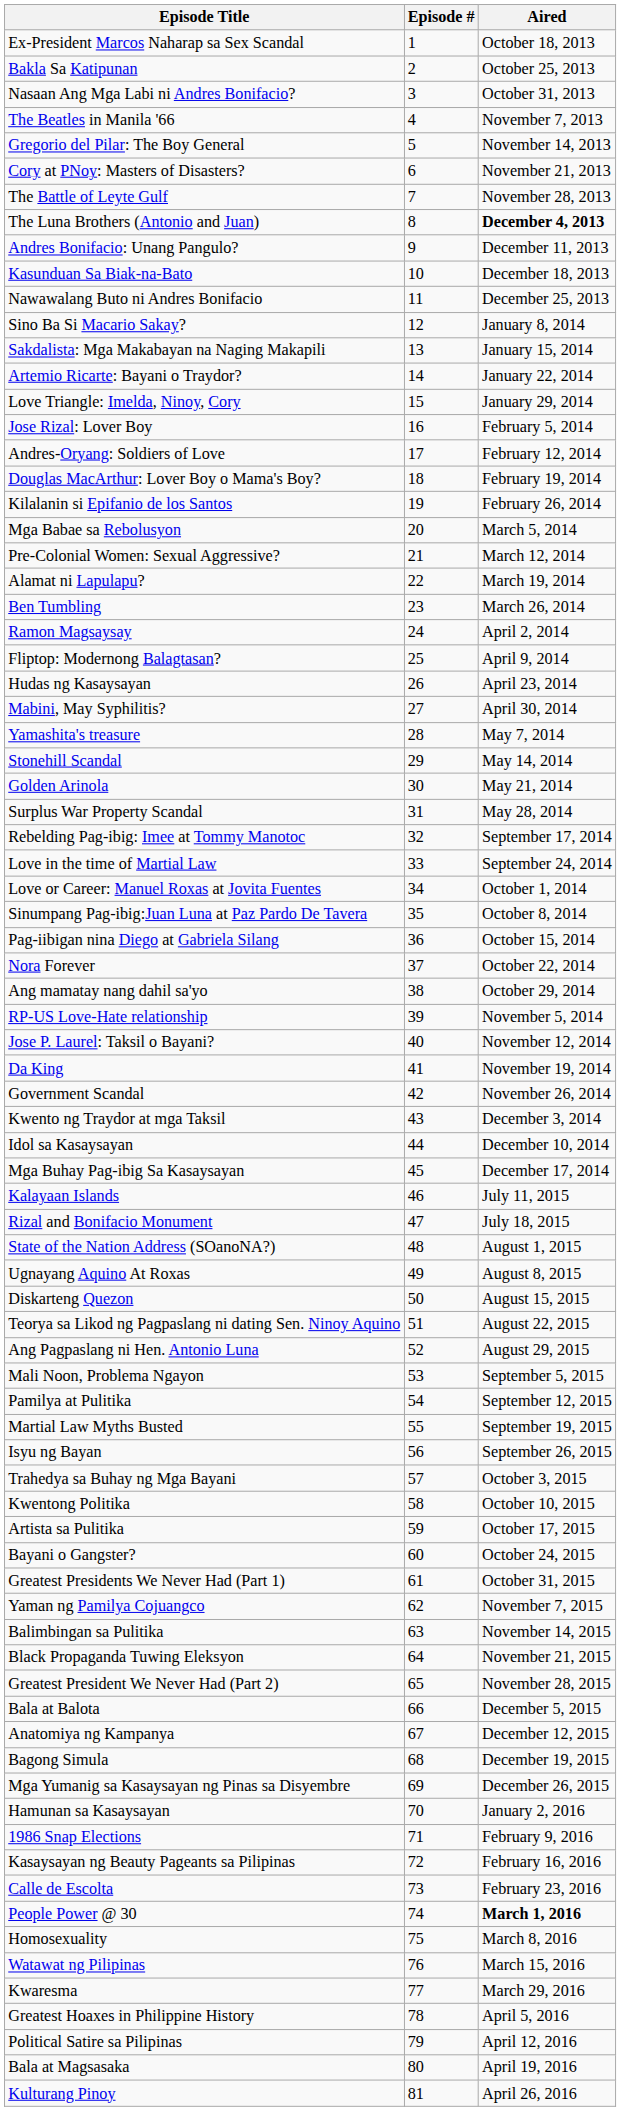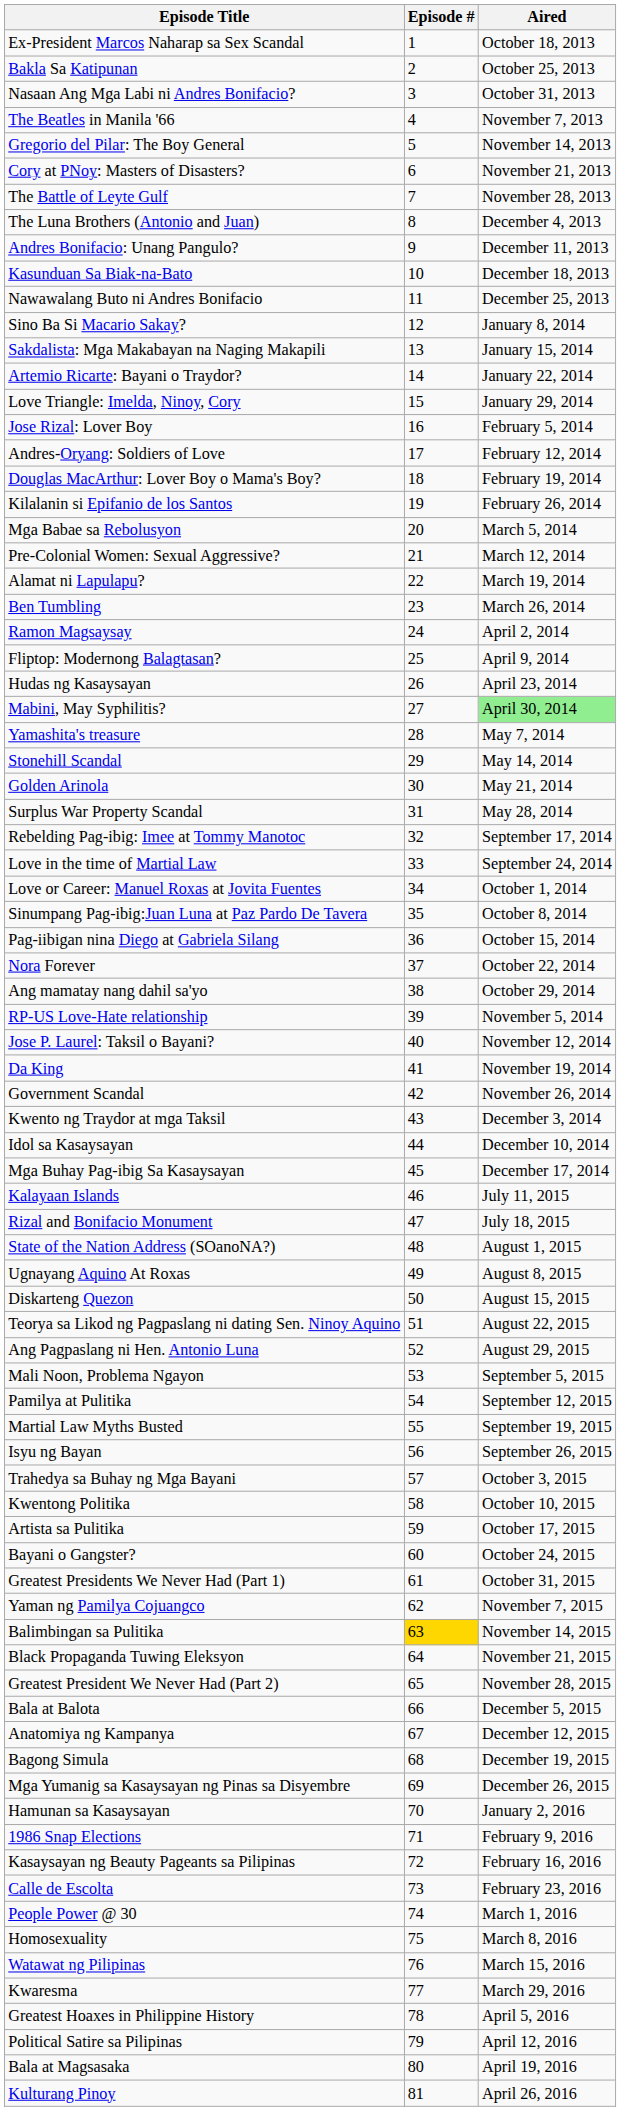 <table class="wikitable">
 <tr>
 <th>Episode Title</th>
 <th>Episode #</th>
 <th>Aired</th>
 </tr>
 <tr>
 <td>Ex-President <a href='#'>Marcos</a> Naharap sa Sex Scandal</td>
 <td>1</td>
 <td>October 18, 2013</td>
 </tr>
 <tr>
 <td><a href='#'>Bakla</a> Sa <a href='#'>Katipunan</a></td>
 <td>2</td>
 <td>October 25, 2013</td>
 </tr>
 <tr>
 <td>Nasaan Ang Mga Labi ni <a href='#'>Andres Bonifacio</a>?</td>
 <td>3</td>
 <td>October 31, 2013</td>
 </tr>
 <tr>
 <td><a href='#'>The Beatles</a> in Manila '66</td>
 <td>4</td>
 <td>November 7, 2013</td>
 </tr>
 <tr>
 <td><a href='#'>Gregorio del Pilar</a>: The Boy General</td>
 <td>5</td>
 <td>November 14, 2013</td>
 </tr>
 <tr>
 <td><a href='#'>Cory</a> at <a href='#'>PNoy</a>: Masters of Disasters?</td>
 <td>6</td>
 <td>November 21, 2013</td>
 </tr>
 <tr>
 <td>The <a href='#'>Battle of Leyte Gulf</a></td>
 <td>7</td>
 <td>November 28, 2013</td>
 </tr>
 <tr>
 <td>The Luna Brothers (<a href='#'>Antonio</a> and <a href='#'>Juan</a>)</td>
 <td>8</td>
-<td><strong>December 4, 2013</strong></td>
+<td>December 4, 2013</td>
 </tr>
 <tr>
 <td><a href='#'>Andres Bonifacio</a>: Unang Pangulo?</td>
 <td>9</td>
 <td>December 11, 2013</td>
 </tr>
 <tr>
 <td><a href='#'>Kasunduan Sa Biak-na-Bato</a></td>
 <td>10</td>
 <td>December 18, 2013</td>
 </tr>
 <tr>
 <td>Nawawalang Buto ni Andres Bonifacio</td>
 <td>11</td>
 <td>December 25, 2013</td>
 </tr>
 <tr>
 <td>Sino Ba Si <a href='#'>Macario Sakay</a>?</td>
 <td>12</td>
 <td>January 8, 2014</td>
 </tr>
 <tr>
 <td><a href='#'>Sakdalista</a>: Mga Makabayan na Naging Makapili</td>
 <td>13</td>
 <td>January 15, 2014</td>
 </tr>
 <tr>
 <td><a href='#'>Artemio Ricarte</a>: Bayani o Traydor?</td>
 <td>14</td>
 <td>January 22, 2014</td>
 </tr>
 <tr>
 <td>Love Triangle: <a href='#'>Imelda</a>, <a href='#'>Ninoy</a>, <a href='#'>Cory</a></td>
 <td>15</td>
 <td>January 29, 2014</td>
 </tr>
 <tr>
 <td><a href='#'>Jose Rizal</a>: Lover Boy</td>
 <td>16</td>
 <td>February 5, 2014</td>
 </tr>
 <tr>
 <td>Andres-<a href='#'>Oryang</a>: Soldiers of Love</td>
 <td>17</td>
 <td>February 12, 2014</td>
 </tr>
 <tr>
 <td><a href='#'>Douglas MacArthur</a>: Lover Boy o Mama's Boy?</td>
 <td>18</td>
 <td>February 19, 2014</td>
 </tr>
 <tr>
 <td>Kilalanin si <a href='#'>Epifanio de los Santos</a></td>
 <td>19</td>
 <td>February 26, 2014</td>
 </tr>
 <tr>
 <td>Mga Babae sa <a href='#'>Rebolusyon</a></td>
 <td>20</td>
 <td>March 5, 2014</td>
 </tr>
 <tr>
 <td>Pre-Colonial Women: Sexual Aggressive?</td>
 <td>21</td>
 <td>March 12, 2014</td>
 </tr>
 <tr>
 <td>Alamat ni <a href='#'>Lapulapu</a>?</td>
 <td>22</td>
 <td>March 19, 2014</td>
 </tr>
 <tr>
 <td><a href='#'>Ben Tumbling</a></td>
 <td>23</td>
 <td>March 26, 2014</td>
 </tr>
 <tr>
 <td><a href='#'>Ramon Magsaysay</a></td>
 <td>24</td>
 <td>April 2, 2014</td>
 </tr>
 <tr>
 <td>Fliptop: Modernong <a href='#'>Balagtasan</a>?</td>
 <td>25</td>
 <td>April 9, 2014</td>
 </tr>
 <tr>
 <td>Hudas ng Kasaysayan</td>
 <td>26</td>
 <td>April 23, 2014</td>
 </tr>
 <tr>
 <td><a href='#'>Mabini</a>, May Syphilitis?</td>
 <td>27</td>
-<td>April 30, 2014</td>
+<td style="background: lightgreen;">April 30, 2014</td>
 </tr>
 <tr>
 <td><a href='#'>Yamashita's treasure</a></td>
 <td>28</td>
 <td>May 7, 2014</td>
 </tr>
 <tr>
 <td><a href='#'>Stonehill Scandal</a></td>
 <td>29</td>
 <td>May 14, 2014</td>
 </tr>
 <tr>
 <td><a href='#'>Golden Arinola</a></td>
 <td>30</td>
 <td>May 21, 2014</td>
 </tr>
 <tr>
 <td>Surplus War Property Scandal</td>
 <td>31</td>
 <td>May 28, 2014</td>
 </tr>
 <tr>
 <td>Rebelding Pag-ibig: <a href='#'>Imee</a> at <a href='#'>Tommy Manotoc</a></td>
 <td>32</td>
 <td>September 17, 2014</td>
 </tr>
 <tr>
 <td>Love in the time of <a href='#'>Martial Law</a></td>
 <td>33</td>
 <td>September 24, 2014</td>
 </tr>
 <tr>
 <td>Love or Career: <a href='#'>Manuel Roxas</a> at <a href='#'>Jovita Fuentes</a></td>
 <td>34</td>
 <td>October 1, 2014</td>
 </tr>
 <tr>
 <td>Sinumpang Pag-ibig:<a href='#'>Juan Luna</a> at <a href='#'>Paz Pardo De Tavera</a></td>
 <td>35</td>
 <td>October 8, 2014</td>
 </tr>
 <tr>
 <td>Pag-iibigan nina <a href='#'>Diego</a> at <a href='#'>Gabriela Silang</a></td>
 <td>36</td>
 <td>October 15, 2014</td>
 </tr>
 <tr>
 <td><a href='#'>Nora</a> Forever</td>
 <td>37</td>
 <td>October 22, 2014</td>
 </tr>
 <tr>
 <td>Ang mamatay nang dahil sa'yo</td>
 <td>38</td>
 <td>October 29, 2014</td>
 </tr>
 <tr>
 <td><a href='#'>RP-US Love-Hate relationship</a></td>
 <td>39</td>
 <td>November 5, 2014</td>
 </tr>
 <tr>
 <td><a href='#'>Jose P. Laurel</a>: Taksil o Bayani?</td>
 <td>40</td>
 <td>November 12, 2014</td>
 </tr>
 <tr>
 <td><a href='#'>Da King</a></td>
 <td>41</td>
 <td>November 19, 2014</td>
 </tr>
 <tr>
 <td>Government Scandal</td>
 <td>42</td>
 <td>November 26, 2014</td>
 </tr>
 <tr>
 <td>Kwento ng Traydor at mga Taksil</td>
 <td>43</td>
 <td>December 3, 2014</td>
 </tr>
 <tr>
 <td>Idol sa Kasaysayan</td>
 <td>44</td>
 <td>December 10, 2014</td>
 </tr>
 <tr>
 <td>Mga Buhay Pag-ibig Sa Kasaysayan</td>
 <td>45</td>
 <td>December 17, 2014</td>
 </tr>
 <tr>
 <td><a href='#'>Kalayaan Islands</a></td>
 <td>46</td>
 <td>July 11, 2015</td>
 </tr>
 <tr>
 <td><a href='#'>Rizal</a> and <a href='#'>Bonifacio Monument</a></td>
 <td>47</td>
 <td>July 18, 2015</td>
 </tr>
 <tr>
 <td><a href='#'>State of the Nation Address</a> (SOanoNA?)</td>
 <td>48</td>
 <td>August 1, 2015</td>
 </tr>
 <tr>
 <td>Ugnayang <a href='#'>Aquino</a> At Roxas</td>
 <td>49</td>
 <td>August 8, 2015</td>
 </tr>
 <tr>
 <td>Diskarteng <a href='#'>Quezon</a></td>
 <td>50</td>
 <td>August 15, 2015</td>
 </tr>
 <tr>
 <td>Teorya sa Likod ng Pagpaslang ni dating Sen. <a href='#'>Ninoy Aquino</a></td>
 <td>51</td>
 <td>August 22, 2015</td>
 </tr>
 <tr>
 <td>Ang Pagpaslang ni Hen. <a href='#'>Antonio Luna</a></td>
 <td>52</td>
 <td>August 29, 2015</td>
 </tr>
 <tr>
 <td>Mali Noon, Problema Ngayon</td>
 <td>53</td>
 <td>September 5, 2015</td>
 </tr>
 <tr>
 <td>Pamilya at Pulitika</td>
 <td>54</td>
 <td>September 12, 2015</td>
 </tr>
 <tr>
 <td>Martial Law Myths Busted</td>
 <td>55</td>
 <td>September 19, 2015</td>
 </tr>
 <tr>
 <td>Isyu ng Bayan</td>
 <td>56</td>
 <td>September 26, 2015</td>
 </tr>
 <tr>
 <td>Trahedya sa Buhay ng Mga Bayani</td>
 <td>57</td>
 <td>October 3, 2015</td>
 </tr>
 <tr>
 <td>Kwentong Politika</td>
 <td>58</td>
 <td>October 10, 2015</td>
 </tr>
 <tr>
 <td>Artista sa Pulitika</td>
 <td>59</td>
 <td>October 17, 2015</td>
 </tr>
 <tr>
 <td>Bayani o Gangster?</td>
 <td>60</td>
 <td>October 24, 2015</td>
 </tr>
 <tr>
 <td>Greatest Presidents We Never Had (Part 1)</td>
 <td>61</td>
 <td>October 31, 2015</td>
 </tr>
 <tr>
 <td>Yaman ng <a href='#'>Pamilya Cojuangco</a></td>
 <td>62</td>
 <td>November 7, 2015</td>
 </tr>
 <tr>
 <td>Balimbingan sa Pulitika</td>
-<td>63</td>
+<td style="background: gold;">63</td>
 <td>November 14, 2015</td>
 </tr>
 <tr>
 <td>Black Propaganda Tuwing Eleksyon</td>
 <td>64</td>
 <td>November 21, 2015</td>
 </tr>
 <tr>
 <td>Greatest President We Never Had (Part 2)</td>
 <td>65</td>
 <td>November 28, 2015</td>
 </tr>
 <tr>
 <td>Bala at Balota</td>
 <td>66</td>
 <td>December 5, 2015</td>
 </tr>
 <tr>
 <td>Anatomiya ng Kampanya</td>
 <td>67</td>
 <td>December 12, 2015</td>
 </tr>
 <tr>
 <td>Bagong Simula</td>
 <td>68</td>
 <td>December 19, 2015</td>
 </tr>
 <tr>
 <td>Mga Yumanig sa Kasaysayan ng Pinas sa Disyembre</td>
 <td>69</td>
 <td>December 26, 2015</td>
 </tr>
 <tr>
 <td>Hamunan sa Kasaysayan</td>
 <td>70</td>
 <td>January 2, 2016</td>
 </tr>
 <tr>
 <td><a href='#'>1986 Snap Elections</a></td>
 <td>71</td>
 <td>February 9, 2016</td>
 </tr>
 <tr>
 <td>Kasaysayan ng Beauty Pageants sa Pilipinas</td>
 <td>72</td>
 <td>February 16, 2016</td>
 </tr>
 <tr>
 <td><a href='#'>Calle de Escolta</a></td>
 <td>73</td>
 <td>February 23, 2016</td>
 </tr>
 <tr>
 <td><a href='#'>People Power</a> @ 30</td>
 <td>74</td>
-<td><strong>March 1, 2016</strong></td>
+<td>March 1, 2016</td>
 </tr>
 <tr>
 <td>Homosexuality</td>
 <td>75</td>
 <td>March 8, 2016</td>
 </tr>
 <tr>
 <td><a href='#'>Watawat ng Pilipinas</a></td>
 <td>76</td>
 <td>March 15, 2016</td>
 </tr>
 <tr>
 <td>Kwaresma</td>
 <td>77</td>
 <td>March 29, 2016</td>
 </tr>
 <tr>
 <td>Greatest Hoaxes in Philippine History</td>
 <td>78</td>
 <td>April 5, 2016</td>
 </tr>
 <tr>
 <td>Political Satire sa Pilipinas</td>
 <td>79</td>
 <td>April 12, 2016</td>
 </tr>
 <tr>
 <td>Bala at Magsasaka</td>
 <td>80</td>
 <td>April 19, 2016</td>
 </tr>
 <tr>
 <td><a href='#'>Kulturang Pinoy</a></td>
 <td>81</td>
 <td>April 26, 2016</td>
 </tr>
 </table>
